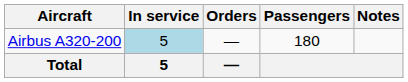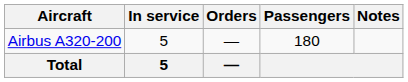 <table class="wikitable" style="margin:0.5em auto; text-align:center">
 <tr>
 <th>Aircraft</th>
 <th>In service</th>
 <th>Orders</th>
 <th>Passengers</th>
 <th>Notes</th>
 </tr>
 <tr>
 <td><a href='#'>Airbus A320-200</a></td>
-<td style="background: lightblue;">5</td>
+<td>5</td>
 <td>—</td>
 <td>180</td>
 <td></td>
 </tr>
 <tr>
 <th>Total</th>
 <th>5</th>
 <th>—</th>
 <th colspan=2></th>
 </tr>
 </table>
